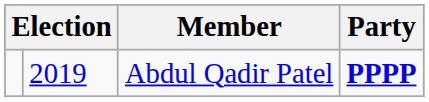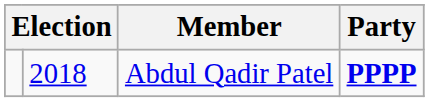 <table class="wikitable">
 <tr>
 <th colspan="2">Election</th>
 <th>Member</th>
 <th>Party</th>
 </tr>
 <tr>
 <td style="background-color: "></td>
-<td><a href='#'>2019</a></td>
+<td><a href='#'>2018</a></td>
 <td><a href='#'>Abdul Qadir Patel</a></td>
 <td><strong><a href='#'>PPPP</a></strong></td>
 </tr>
 </table>
